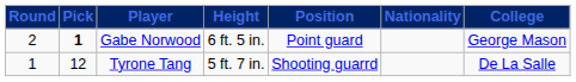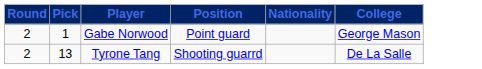 <table class="wikitable sortable sortable">
 <tr>
 <th style="background:#002366; color:#4169E1; ">Round</th>
 <th style="background:#002366; color:#4169E1; ">Pick</th>
 <th style="background:#002366; color:#4169E1; ">Player</th>
-<th style="background:#002366; color:#4169E1; ">Height</th>
 <th style="background:#002366; color:#4169E1; ">Position</th>
 <th style="background:#002366; color:#4169E1; ">Nationality</th>
 <th style="background:#002366; color:#4169E1; ">College</th>
 </tr>
 <tr style="text-align: center">
 <td>2</td>
-<td><strong>1</strong></td>
+<td>1</td>
 <td><a href='#'>Gabe Norwood</a></td>
-<td>6 ft. 5 in.</td>
 <td><a href='#'>Point guard</a></td>
 <td></td>
 <td><a href='#'>George Mason</a></td>
 </tr>
 <tr style="text-align: center">
-<td>1</td>
-<td>12</td>
+<td>2</td>
+<td>13</td>
 <td><a href='#'>Tyrone Tang</a></td>
-<td>5 ft. 7 in.</td>
 <td><a href='#'>Shooting guarrd</a></td>
 <td></td>
 <td><a href='#'>De La Salle</a></td>
 </tr>
 </table>
